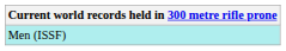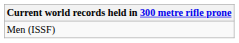 <table class="wikitable" style="font-size: 95%">
 <tr>
 <th colspan=7>Current world records held in <a href='#'>300 metre rifle prone</a></th>
 </tr>
 <tr>
-<td style="background: paleturquoise;">Men (ISSF)<br></td>
+<td>Men (ISSF)<br></td>
 </tr>
 </table>
